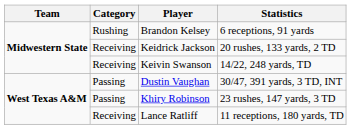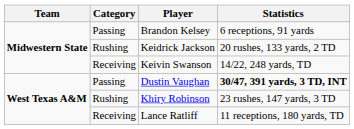 <table class="wikitable" style="float: left;">
 <tr>
 <th>Team</th>
 <th>Category</th>
 <th>Player</th>
 <th>Statistics</th>
 </tr>
 <tr>
 <td rowspan=3><strong>Midwestern State</strong></td>
-<td>Rushing</td>
+<td>Passing</td>
 <td>Brandon Kelsey</td>
 <td>6 receptions, 91 yards</td>
 </tr>
 <tr>
-<td>Receiving</td>
+<td>Rushing</td>
 <td>Keidrick Jackson</td>
 <td>20 rushes, 133 yards, 2 TD</td>
 </tr>
 <tr>
 <td>Receiving</td>
 <td>Keivin Swanson</td>
 <td>14/22, 248 yards, TD</td>
 </tr>
 <tr>
 <td rowspan=3><strong>West Texas A&M</strong></td>
 <td>Passing</td>
 <td><a href='#'>Dustin Vaughan</a></td>
-<td>30/47, 391 yards, 3 TD, INT</td>
+<td><strong>30/47, 391 yards, 3 TD, INT</strong></td>
 </tr>
 <tr>
-<td>Passing</td>
+<td>Rushing</td>
 <td><a href='#'>Khiry Robinson</a></td>
 <td>23 rushes, 147 yards, 3 TD</td>
 </tr>
 <tr>
 <td>Receiving</td>
 <td>Lance Ratliff</td>
 <td>11 receptions, 180 yards, TD</td>
 </tr>
 </table>
